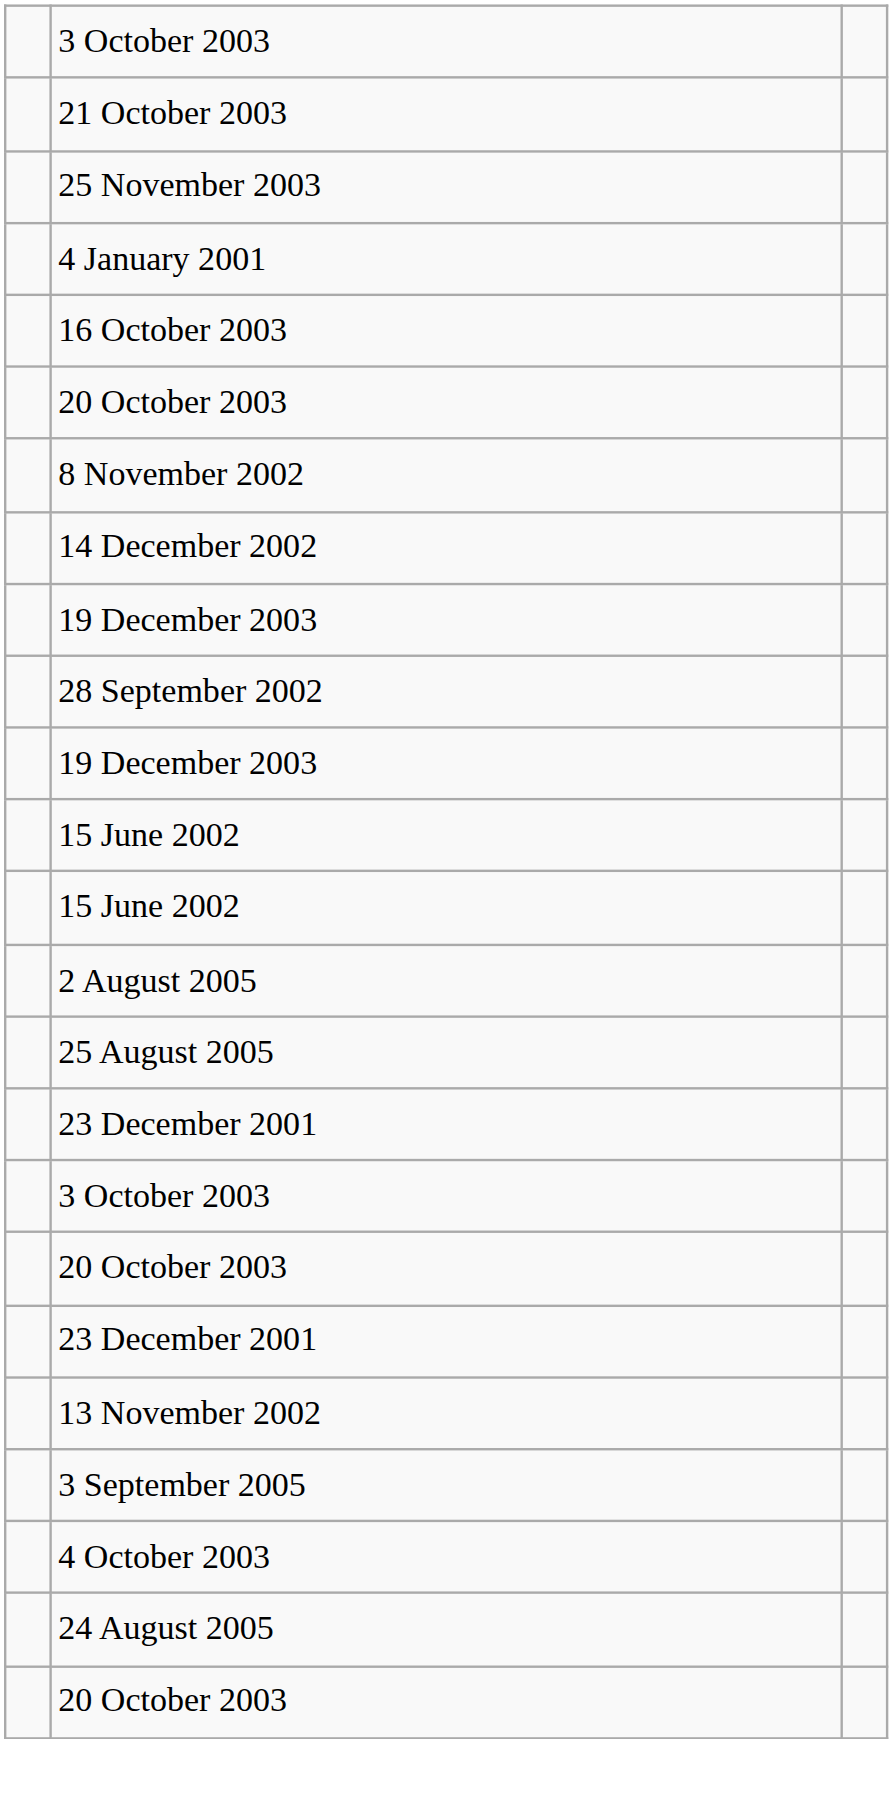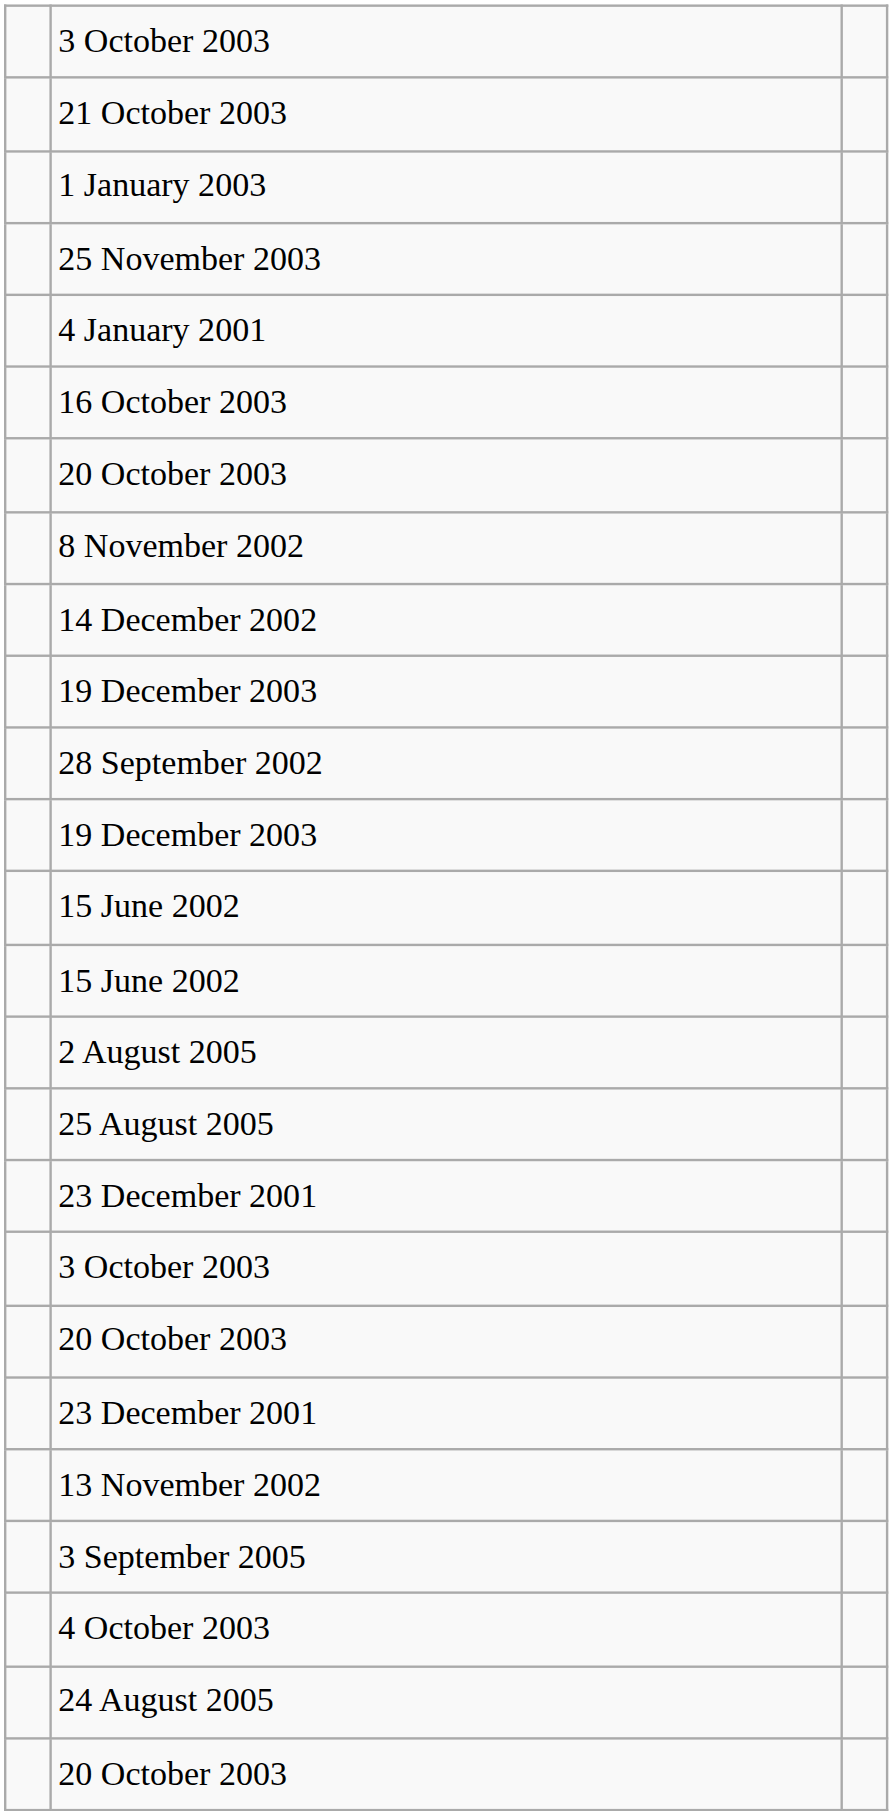 <table class="wikitable" style="font-size: 89%; float: left; width: 26em; margin-right: 1em; line-height: 1.65em !important; height: 675px;">
 <tr>
 <td></td>
 <td>3 October 2003</td>
 <td></td>
 </tr>
 <tr>
 <td></td>
 <td>21 October 2003</td>
+<td></td>
+</tr>
+<tr>
+<td></td>
+<td>1 January 2003</td>
 <td></td>
 </tr>
 <tr>
 <td></td>
 <td>25 November 2003</td>
 <td></td>
 </tr>
 <tr>
 <td></td>
 <td>4 January 2001</td>
 <td></td>
 </tr>
 <tr>
 <td></td>
 <td>16 October 2003</td>
 <td></td>
 </tr>
 <tr>
 <td></td>
 <td>20 October 2003</td>
 <td></td>
 </tr>
 <tr>
 <td></td>
 <td>8 November 2002</td>
 <td></td>
 </tr>
 <tr>
 <td></td>
 <td>14 December 2002</td>
 <td></td>
 </tr>
 <tr>
 <td></td>
 <td>19 December 2003</td>
 <td></td>
 </tr>
 <tr>
 <td></td>
 <td>28 September 2002</td>
 <td></td>
 </tr>
 <tr>
 <td></td>
 <td>19 December 2003</td>
 <td></td>
 </tr>
 <tr>
 <td></td>
 <td>15 June 2002</td>
 <td></td>
 </tr>
 <tr>
 <td></td>
 <td>15 June 2002</td>
 <td></td>
 </tr>
 <tr>
 <td></td>
 <td>2 August 2005</td>
 <td></td>
 </tr>
 <tr>
 <td></td>
 <td>25 August 2005</td>
 <td></td>
 </tr>
 <tr>
 <td></td>
 <td>23 December 2001</td>
 <td></td>
 </tr>
 <tr>
 <td></td>
 <td>3 October 2003</td>
 <td></td>
 </tr>
 <tr>
 <td></td>
 <td>20 October 2003</td>
 <td></td>
 </tr>
 <tr>
 <td></td>
 <td>23 December 2001</td>
 <td></td>
 </tr>
 <tr>
 <td></td>
 <td>13 November 2002</td>
 <td></td>
 </tr>
 <tr>
 <td></td>
 <td>3 September 2005</td>
 <td></td>
 </tr>
 <tr>
 <td></td>
 <td>4 October 2003</td>
 <td></td>
 </tr>
 <tr>
 <td></td>
 <td>24 August 2005</td>
 <td></td>
 </tr>
 <tr>
 <td></td>
 <td>20 October 2003</td>
 <td></td>
 </tr>
 </table>
